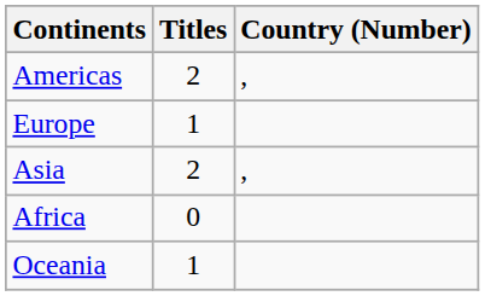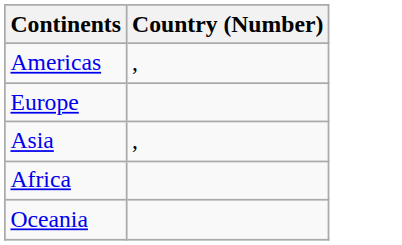 <table class="wikitable sortable" style="font-size: 85%;">
 <tr>
 <th>Continents</th>
-<th>Titles</th>
 <th>Country (Number)</th>
 </tr>
 <tr>
 <td> <a href='#'>Americas</a></td>
-<td style="text-align:center">2</td>
 <td align=left>, </td>
 </tr>
 <tr>
 <td> <a href='#'>Europe</a></td>
-<td style="text-align:center">1</td>
 <td align=left></td>
 </tr>
 <tr>
 <td> <a href='#'>Asia</a></td>
-<td style="text-align:center">2</td>
 <td align=left>, </td>
 </tr>
 <tr>
 <td> <a href='#'>Africa</a></td>
-<td style="text-align:center">0</td>
 <td></td>
 </tr>
 <tr>
 <td> <a href='#'>Oceania</a></td>
-<td style="text-align:center">1</td>
 <td align=left></td>
 </tr>
 </table>
